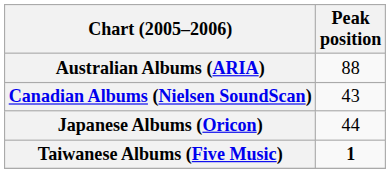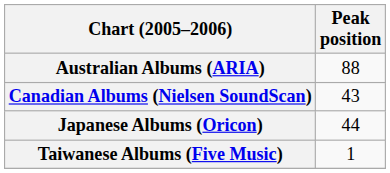 <table class="wikitable sortable plainrowheaders" style="text-align:center">
 <tr>
 <th scope="col">Chart (2005–2006)</th>
 <th scope="col">Peak<br>position</th>
 </tr>
 <tr>
 <th scope="row">Australian Albums (<a href='#'>ARIA</a>)</th>
 <td>88</td>
 </tr>
 <tr>
 <th scope="row"><a href='#'>Canadian Albums</a> (<a href='#'>Nielsen SoundScan</a>)</th>
 <td>43</td>
 </tr>
 <tr>
 <th scope="row">Japanese Albums (<a href='#'>Oricon</a>)</th>
 <td>44</td>
 </tr>
 <tr>
 <th scope="row">Taiwanese Albums (<a href='#'>Five Music</a>)</th>
-<td><strong>1</strong></td>
+<td>1</td>
 </tr>
 <tr>
 </tr>
 </table>
